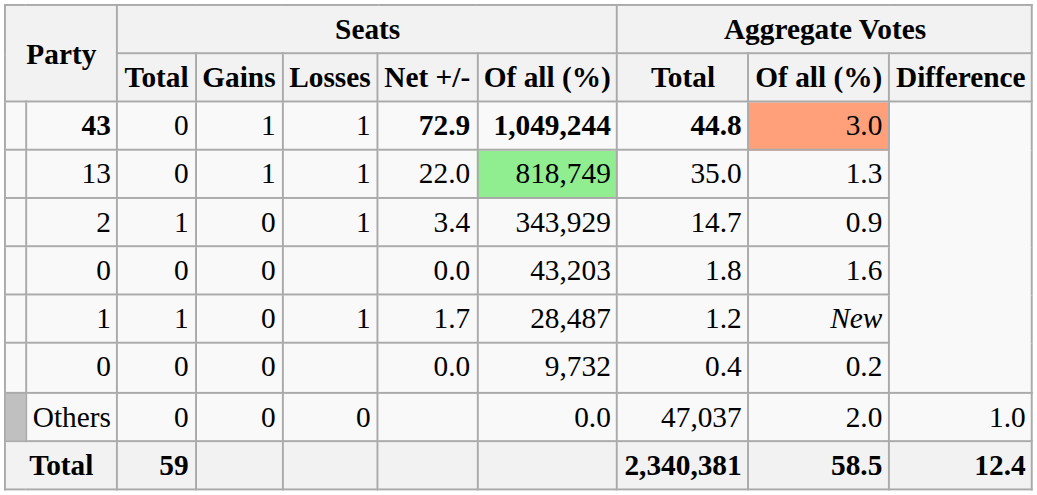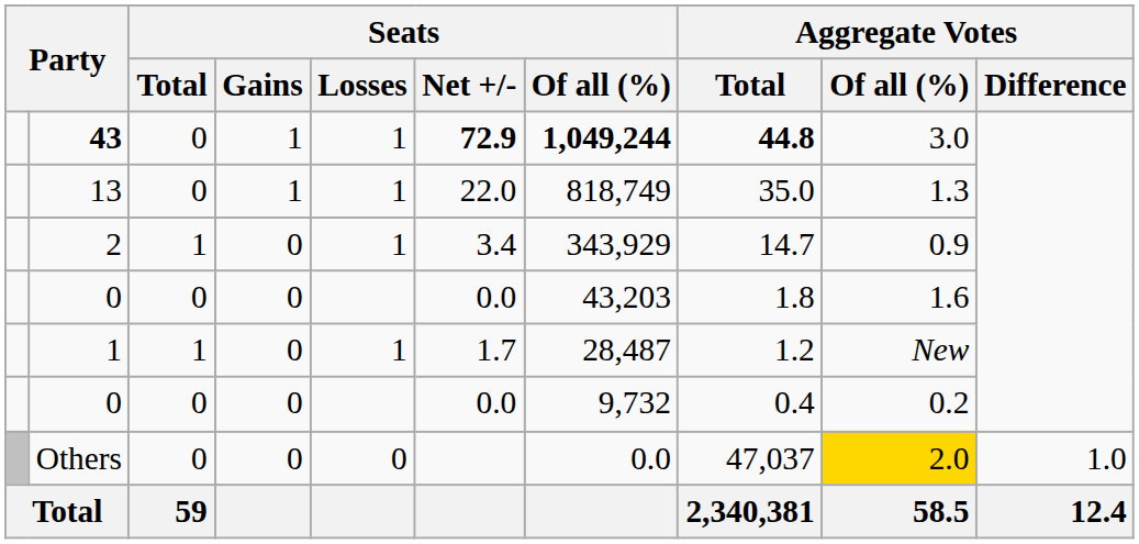 <table class="wikitable sortable" style="text-align:right; font-size:95%;">
 <tr>
 <th colspan="2" rowspan="2">Party</th>
 <th colspan="5">Seats</th>
 <th colspan="3">Aggregate Votes</th>
 </tr>
 <tr>
 <th>Total</th>
 <th>Gains</th>
 <th>Losses</th>
 <th>Net +/-</th>
 <th>Of all (%)</th>
 <th>Total</th>
 <th>Of all (%)</th>
 <th>Difference</th>
 </tr>
 <tr>
 <td></td>
 <td><strong>43</strong></td>
 <td>0</td>
 <td>1</td>
 <td>1</td>
 <td><strong>72.9</strong></td>
 <td><strong>1,049,244</strong></td>
 <td><strong>44.8</strong></td>
-<td style="background: lightsalmon;">3.0</td>
+<td>3.0</td>
 </tr>
 <tr>
 <td></td>
 <td>13</td>
 <td>0</td>
 <td>1</td>
 <td>1</td>
 <td>22.0</td>
-<td style="background: lightgreen;">818,749</td>
+<td>818,749</td>
 <td>35.0</td>
 <td>1.3</td>
 </tr>
 <tr>
 <td></td>
 <td>2</td>
 <td>1</td>
 <td>0</td>
 <td>1</td>
 <td>3.4</td>
 <td>343,929</td>
 <td>14.7</td>
 <td>0.9</td>
 </tr>
 <tr>
 <td></td>
 <td>0</td>
 <td>0</td>
 <td>0</td>
 <td></td>
 <td>0.0</td>
 <td>43,203</td>
 <td>1.8</td>
 <td>1.6</td>
 </tr>
 <tr>
 <td></td>
 <td>1</td>
 <td>1</td>
 <td>0</td>
 <td>1</td>
 <td>1.7</td>
 <td>28,487</td>
 <td>1.2</td>
 <td><em>New</em></td>
 </tr>
 <tr>
 <td></td>
 <td>0</td>
 <td>0</td>
 <td>0</td>
 <td></td>
 <td>0.0</td>
 <td>9,732</td>
 <td>0.4</td>
 <td>0.2</td>
 </tr>
 <tr>
 <td style="background:silver;"> </td>
 <td align=left>Others</td>
 <td>0</td>
 <td>0</td>
 <td>0</td>
 <td></td>
 <td>0.0</td>
 <td>47,037</td>
-<td>2.0</td>
+<td style="background: gold;">2.0</td>
 <td>1.0</td>
 </tr>
 <tr class="sortbottom">
 <th colspan="2" style="background:#f2f2f2"><strong>Total</strong></th>
 <td style="background:#f2f2f2;"><strong>59</strong></td>
 <td style="background:#f2f2f2;"></td>
 <td style="background:#f2f2f2;"></td>
 <td style="background:#f2f2f2;"></td>
 <td style="background:#f2f2f2;"></td>
 <td style="background:#f2f2f2;"><strong>2,340,381</strong></td>
 <td style="background:#f2f2f2;"><strong>58.5</strong></td>
 <td style="background:#f2f2f2;"><strong>12.4</strong></td>
 </tr>
 </table>
